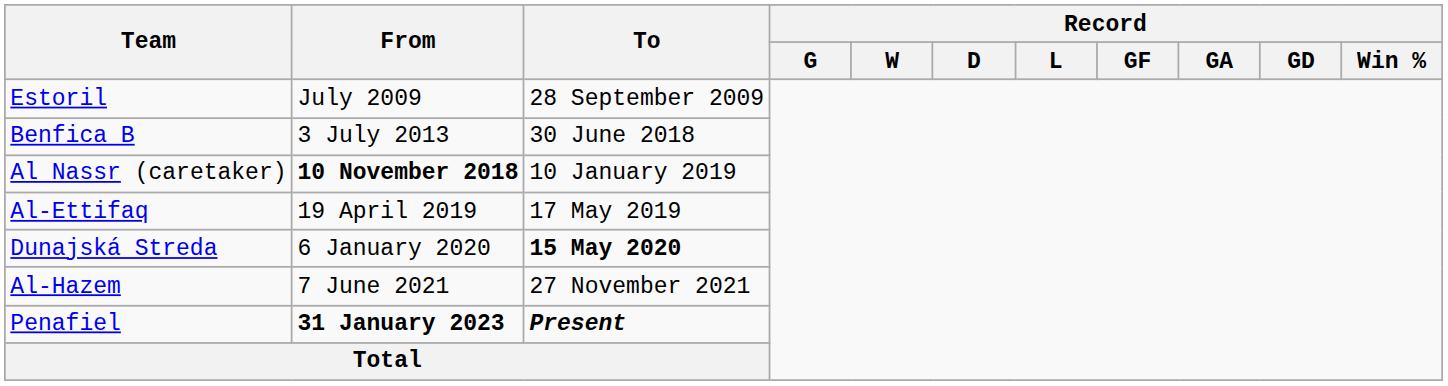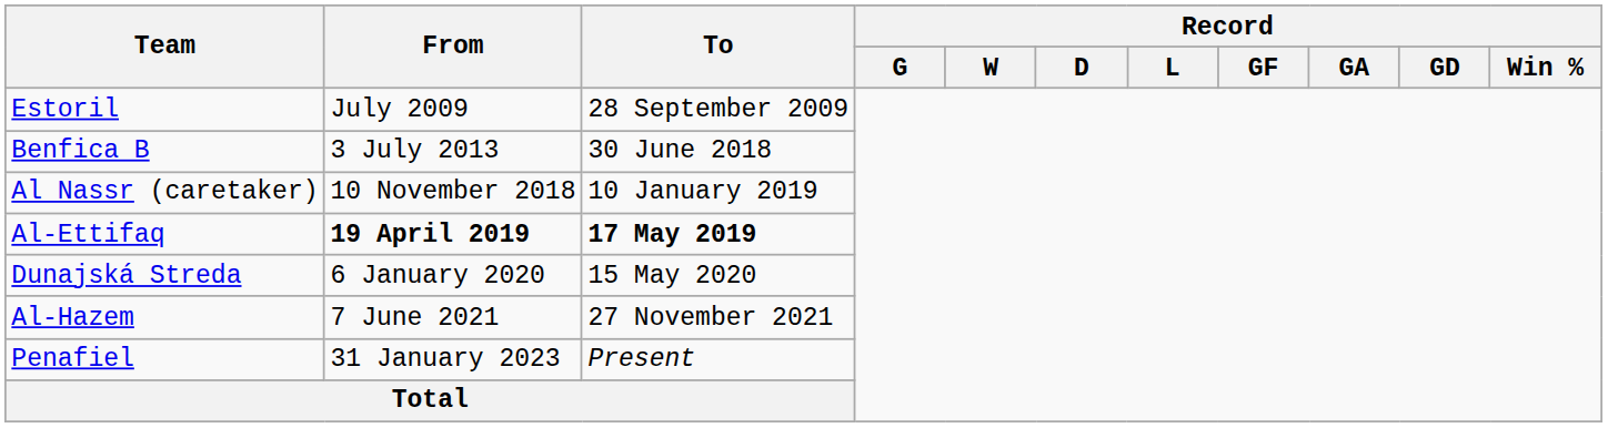 <table class=wikitable style=text-align:center>
 <tr>
 <th rowspan=2>Team</th>
 <th rowspan=2>From</th>
 <th rowspan=2>To</th>
 <th colspan=8>Record</th>
 </tr>
 <tr>
 <th width=40>G</th>
 <th width=40>W</th>
 <th width=40>D</th>
 <th width=40>L</th>
 <th width=40>GF</th>
 <th width=40>GA</th>
 <th width=40>GD</th>
 <th width=50>Win %</th>
 </tr>
 <tr>
 <td align=left><a href='#'>Estoril</a></td>
 <td align=left>July 2009</td>
 <td align=left>28 September 2009<br></td>
 </tr>
 <tr>
 <td align=left><a href='#'>Benfica B</a></td>
 <td align=left>3 July 2013</td>
 <td align=left>30 June 2018<br></td>
 </tr>
 <tr>
 <td align=left><a href='#'>Al Nassr</a> (caretaker)</td>
-<td align=left><strong>10 November 2018</strong></td>
+<td align=left>10 November 2018</td>
 <td align=left>10 January 2019<br></td>
 </tr>
 <tr>
 <td align=left><a href='#'>Al-Ettifaq</a></td>
-<td align=left>19 April 2019</td>
-<td align=left>17 May 2019<br></td>
+<td align=left><strong>19 April 2019</strong></td>
+<td align=left><strong>17 May 2019<br></strong></td>
 </tr>
 <tr>
 <td align=left><a href='#'>Dunajská Streda</a></td>
 <td align=left>6 January 2020</td>
-<td align=left><strong>15 May 2020<br></strong></td>
+<td align=left>15 May 2020<br></td>
 </tr>
 <tr>
 <td align=left><a href='#'>Al-Hazem</a></td>
 <td align=left>7 June 2021</td>
 <td align=left>27 November 2021<br></td>
 </tr>
 <tr>
 <td align=left><a href='#'>Penafiel</a></td>
-<td align=left><strong>31 January 2023</strong></td>
-<td align=left><strong><em>Present</em><br></strong></td>
+<td align=left>31 January 2023</td>
+<td align=left><em>Present</em><br></td>
 </tr>
 <tr>
 <th colspan="3">Total<br></th>
 </tr>
 </table>
